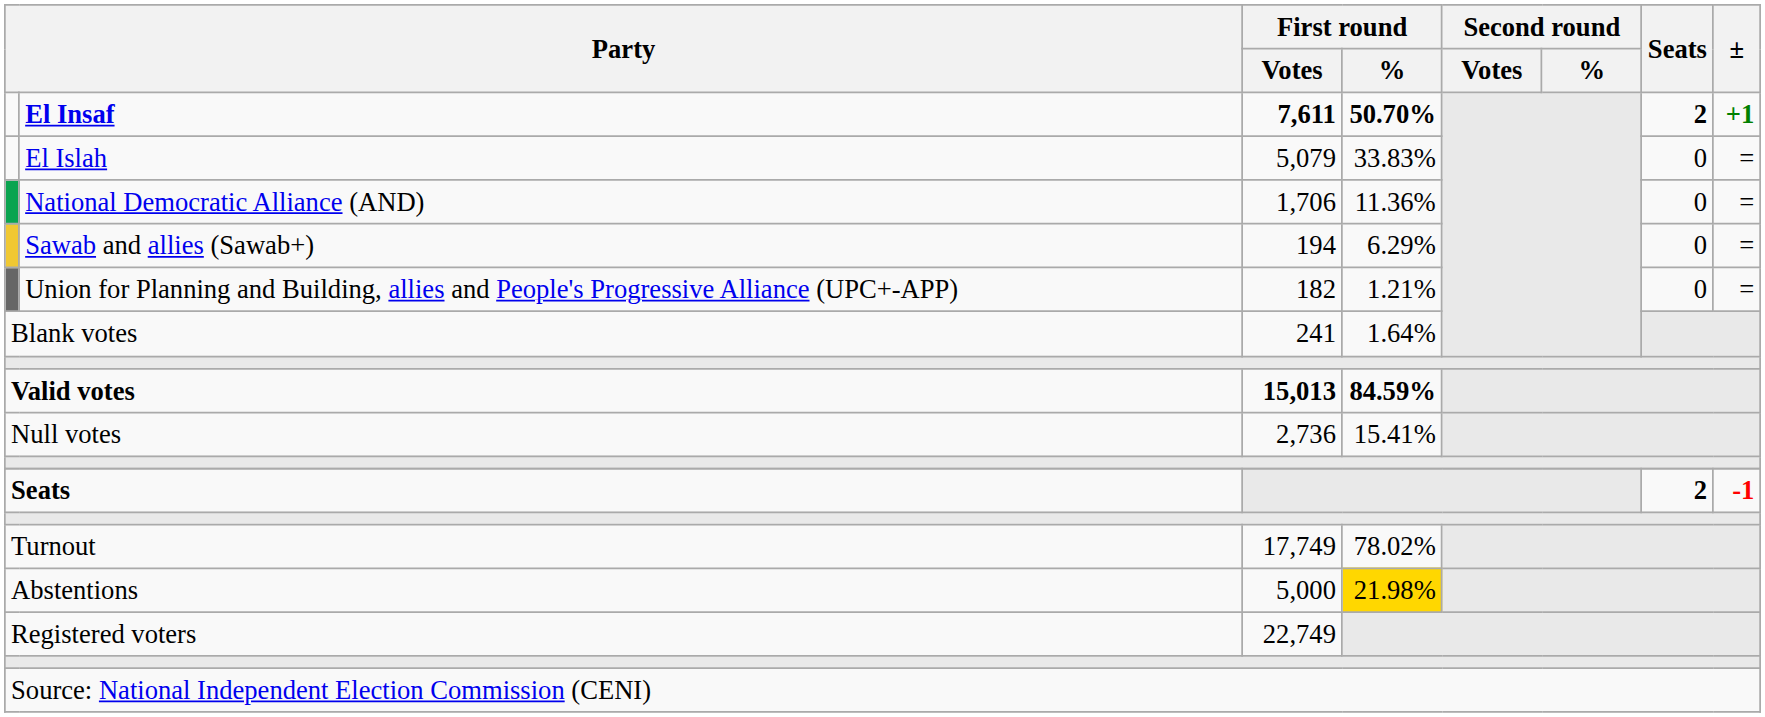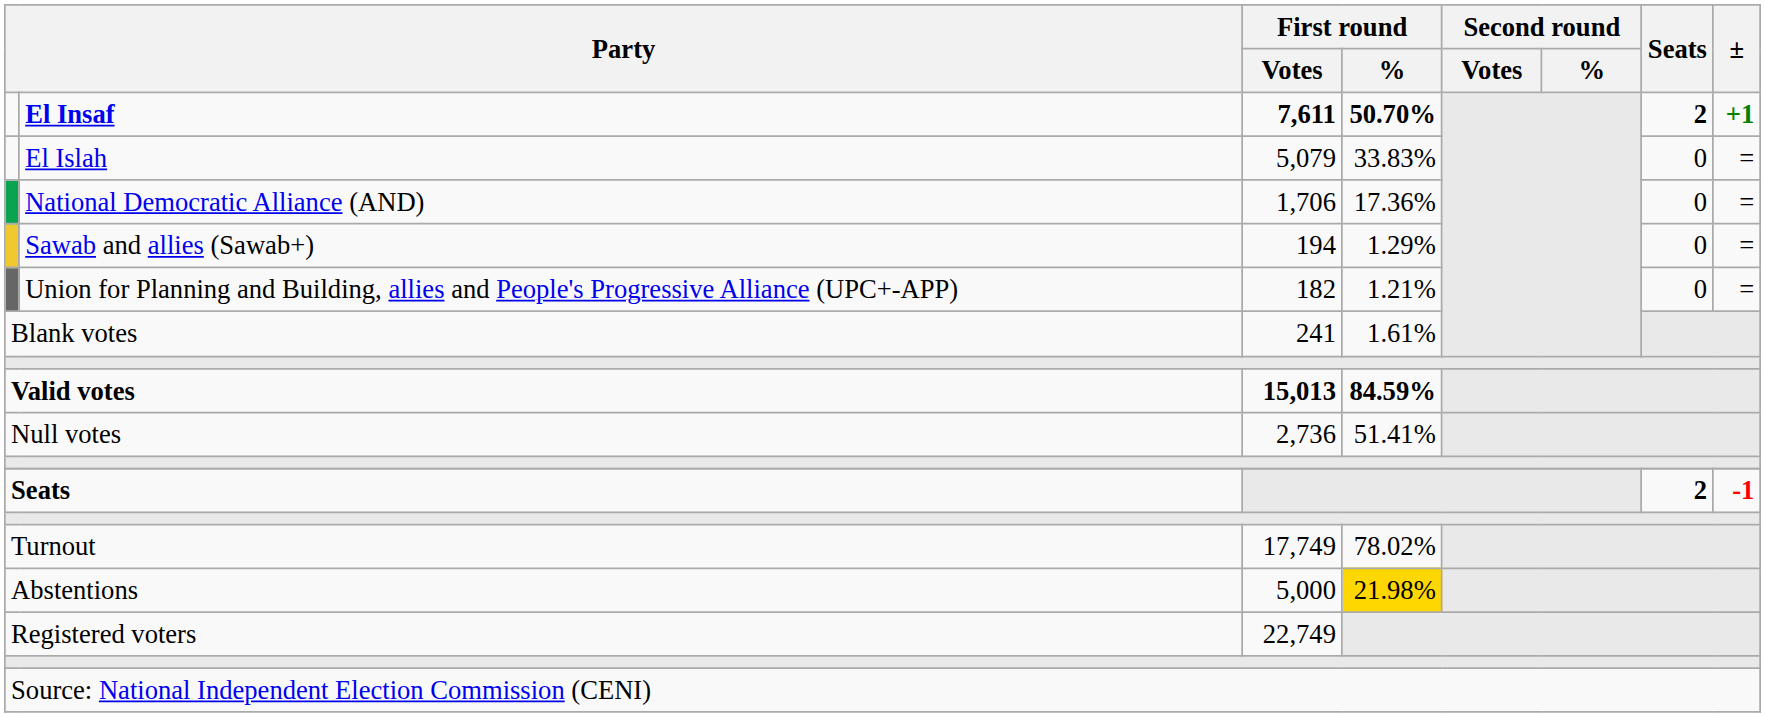 <table class="wikitable" style="text-align:right;font-size:95%;">
 <tr>
 <th rowspan="2" colspan="2" width="700">Party</th>
 <th colspan="2">First round</th>
 <th colspan="2">Second round</th>
 <th rowspan="2" width="25">Seats</th>
 <th rowspan="2" width="20">±</th>
 </tr>
 <tr>
 <th width="50">Votes</th>
 <th width="50">%</th>
 <th width="50">Votes</th>
 <th width="50">%</th>
 </tr>
 <tr>
 <td width="1" style="color:inherit;background:"></td>
 <td style="text-align:left;"><strong><a href='#'>El Insaf</a></strong></td>
 <td><strong>7,611</strong></td>
 <td><strong>50.70%</strong></td>
 <td colspan="2" rowspan="6" style="background:#E9E9E9;"></td>
 <td><strong>2</strong></td>
 <td style="color:green;"><strong>+1</strong></td>
 </tr>
 <tr>
 <td width="1" style="color:inherit;background:"></td>
 <td style="text-align:left;"><a href='#'>El Islah</a></td>
 <td>5,079</td>
 <td>33.83%</td>
 <td>0</td>
 <td>=</td>
 </tr>
 <tr>
 <td width="1" style="color:inherit;background:#0AA450;"></td>
 <td style="text-align:left;"><a href='#'>National Democratic Alliance</a> (AND)</td>
 <td>1,706</td>
-<td>11.36%</td>
+<td>17.36%</td>
 <td>0</td>
 <td>=</td>
 </tr>
 <tr>
 <td width="1" style="color:inherit;background:#F0C832;"></td>
 <td style="text-align:left;"><a href='#'>Sawab</a> and <a href='#'>allies</a> (Sawab+)</td>
 <td>194</td>
-<td>6.29%</td>
+<td>1.29%</td>
 <td>0</td>
 <td>=</td>
 </tr>
 <tr>
 <td width="1" style="color:inherit;background:#666666;"></td>
 <td style="text-align:left;">Union for Planning and Building, <a href='#'>allies</a> and <a href='#'>People's Progressive Alliance</a> (UPC+-APP)</td>
 <td>182</td>
 <td>1.21%</td>
 <td>0</td>
 <td>=</td>
 </tr>
 <tr>
 <td colspan="2" style="text-align:left;">Blank votes</td>
 <td>241</td>
-<td>1.64%</td>
+<td>1.61%</td>
 <td colspan="4" style="background:#E9E9E9;"></td>
 </tr>
 <tr>
 <td colspan="8" style="background:#E9E9E9;"></td>
 </tr>
 <tr style="font-weight:bold;">
 <td colspan="2" style="text-align:left;">Valid votes</td>
 <td>15,013</td>
 <td>84.59%</td>
 <td colspan="4" style="background:#E9E9E9;"></td>
 </tr>
 <tr>
 <td colspan="2" style="text-align:left;">Null votes</td>
 <td>2,736</td>
-<td>15.41%</td>
+<td>51.41%</td>
 <td colspan="4" style="background:#E9E9E9;"></td>
 </tr>
 <tr>
 <td colspan="8" style="background:#E9E9E9;"></td>
 </tr>
 <tr>
 </tr>
 <tr style="font-weight:bold;">
 <td colspan="2" style="text-align:left;">Seats</td>
 <td colspan="4" style="background:#E9E9E9;"></td>
 <td>2</td>
 <td style="color:red;">-1</td>
 </tr>
 <tr>
 <td colspan="8" style="background:#E9E9E9;"></td>
 </tr>
 <tr>
 <td colspan="2" style="text-align:left;">Turnout</td>
 <td>17,749</td>
 <td>78.02%</td>
 <td colspan="4" style="background:#E9E9E9;"></td>
 </tr>
 <tr>
 <td colspan="2" style="text-align:left;">Abstentions</td>
 <td>5,000</td>
 <td style="background: gold;">21.98%</td>
 <td colspan="4" style="background:#E9E9E9;"></td>
 </tr>
 <tr>
 <td colspan="2" style="text-align:left;">Registered voters</td>
 <td>22,749</td>
 <td colspan="5" style="background:#E9E9E9;"></td>
 </tr>
 <tr>
 <td colspan="8" style="background:#E9E9E9;"></td>
 </tr>
 <tr>
 <td colspan="8" style="text-align:left;">Source: <a href='#'>National Independent Election Commission</a> (CENI)</td>
 </tr>
 </table>
